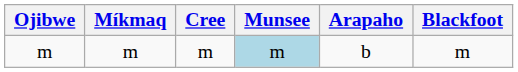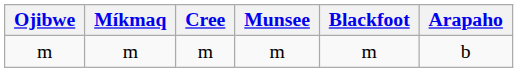 <table class="wikitable">
 <tr>
 <th> <a href='#'>Ojibwe</a> </th>
 <th> <a href='#'>Míkmaq</a> </th>
 <th> <a href='#'>Cree</a> </th>
 <th> <a href='#'>Munsee</a> </th>
+<th> <a href='#'>Blackfoot</a> </th>
 <th> <a href='#'>Arapaho</a> </th>
-<th> <a href='#'>Blackfoot</a> </th>
 </tr>
 <tr>
 <td align=center> m </td>
 <td align=center> m </td>
 <td align=center> m </td>
-<td align=center style="background: lightblue;"> m </td>
+<td align=center> m </td>
+<td align=center> m </td>
 <td align=center> b </td>
-<td align=center> m </td>
 </tr>
 </table>
